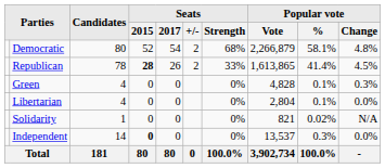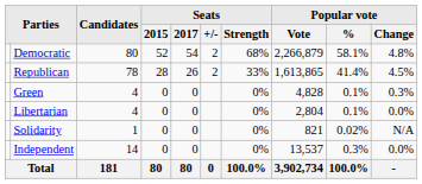 <table class=wikitable>
 <tr>
 <th style="background-color:#E9E9E9" align=center rowspan= 2 colspan=2>Parties</th>
 <th style="background-color:#E9E9E9" align=center rowspan= 2>Candidates</th>
 <th style="background-color:#E9E9E9" align=center colspan=4>Seats</th>
 <th style="background-color:#E9E9E9" align=center colspan=3>Popular vote</th>
 </tr>
 <tr>
 <th align=center>2015</th>
 <th align=center>2017</th>
 <th align=center>+/-</th>
 <th align=center>Strength</th>
 <th align=center>Vote</th>
 <th align=center>%</th>
 <th align=center>Change</th>
 </tr>
 <tr>
 <td></td>
 <td align=left><a href='#'>Democratic</a></td>
 <td align=right>80</td>
 <td align=right >52</td>
 <td align=right >54</td>
 <td align=right>2</td>
 <td align=right >68%</td>
 <td align=right >2,266,879</td>
 <td align=right >58.1%</td>
 <td align=right>4.8%</td>
 </tr>
 <tr>
 <td></td>
 <td align=left><a href='#'>Republican</a></td>
 <td align=right>78</td>
-<td align=right><strong>28</strong></td>
+<td align=right>28</td>
 <td align=right>26</td>
 <td align=right>2</td>
 <td align=right>33%</td>
 <td align=right>1,613,865</td>
 <td align=right>41.4%</td>
 <td align=right>4.5%</td>
 </tr>
 <tr>
 <td></td>
 <td><a href='#'>Green</a></td>
 <td align=right>4</td>
 <td align=right>0</td>
 <td align=right>0</td>
 <td align=right></td>
 <td align=right>0%</td>
 <td align=right>4,828</td>
 <td align=right>0.1%</td>
 <td align=right>0.3%</td>
 </tr>
 <tr>
 <td></td>
 <td><a href='#'>Libertarian</a></td>
 <td align=right>4</td>
 <td align=right>0</td>
 <td align=right>0</td>
 <td align=right></td>
 <td align=right>0%</td>
 <td align=right>2,804</td>
 <td align=right>0.1%</td>
 <td align=right>0.0%</td>
 </tr>
 <tr>
 <td></td>
 <td><a href='#'>Solidarity</a></td>
 <td align=right>1</td>
 <td align=right>0</td>
 <td align=right>0</td>
 <td align=right></td>
 <td align=right>0%</td>
 <td align=right>821</td>
 <td align=right>0.02%</td>
 <td align=right>N/A</td>
 </tr>
 <tr>
 <td></td>
 <td><a href='#'>Independent</a></td>
 <td align=right>14</td>
-<td align=right><strong>0</strong></td>
+<td align=right>0</td>
 <td align=right>0</td>
 <td align=right></td>
 <td align=right>0%</td>
 <td align=right>13,537</td>
 <td align=right>0.3%</td>
 <td align=right>0.0%</td>
 </tr>
 <tr>
 <th align=center colspan="2">Total</th>
 <th align=center>181</th>
 <th align=center>80</th>
 <th align=center>80</th>
 <th align=center>0</th>
 <th align=center>100.0%</th>
 <th align=center>3,902,734</th>
 <th align=center>100.0%</th>
 <th align=center>-</th>
 </tr>
 </table>
